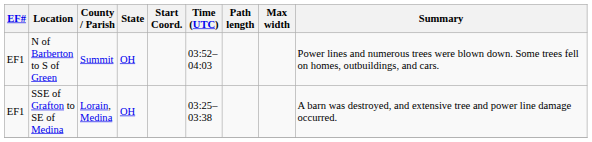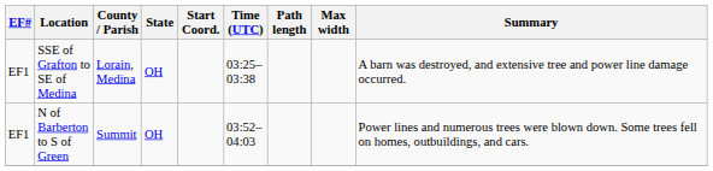 <table class="wikitable sortable" style="width:100%;">
 <tr>
 <th scope="col"  style="width:3%; text-align:center;"><a href='#'>EF#</a></th>
 <th scope="col"  style="width:7%; text-align:center;" class="unsortable">Location</th>
 <th scope="col"  style="width:6%; text-align:center;" class="unsortable">County / Parish</th>
 <th scope="col"  style="width:5%; text-align:center;">State</th>
 <th scope="col"  style="width:6%; text-align:center;">Start Coord.</th>
 <th scope="col"  style="width:6%; text-align:center;">Time (<a href='#'>UTC</a>)</th>
 <th scope="col"  style="width:6%; text-align:center;">Path length</th>
 <th scope="col"  style="width:6%; text-align:center;">Max width</th>
 <th scope="col" class="unsortable" style="width:48%; text-align:center;">Summary</th>
 </tr>
 <tr>
 <td>EF1</td>
+<td>SSE of <a href='#'>Grafton</a> to SE of <a href='#'>Medina</a></td>
+<td><a href='#'>Lorain</a>, <a href='#'>Medina</a></td>
+<td><a href='#'>OH</a></td>
+<td></td>
+<td>03:25–03:38</td>
+<td></td>
+<td></td>
+<td>A barn was destroyed, and extensive tree and power line damage occurred.</td>
+</tr>
+<tr>
+<td>EF1</td>
 <td>N of <a href='#'>Barberton</a> to S of <a href='#'>Green</a></td>
 <td><a href='#'>Summit</a></td>
 <td><a href='#'>OH</a></td>
 <td></td>
 <td>03:52–04:03</td>
 <td></td>
 <td></td>
 <td>Power lines and numerous trees were blown down. Some trees fell on homes, outbuildings, and cars.</td>
 </tr>
 <tr>
-<td>EF1</td>
-<td>SSE of <a href='#'>Grafton</a> to SE of <a href='#'>Medina</a></td>
-<td><a href='#'>Lorain</a>, <a href='#'>Medina</a></td>
-<td><a href='#'>OH</a></td>
-<td></td>
-<td>03:25–03:38</td>
-<td></td>
-<td></td>
-<td>A barn was destroyed, and extensive tree and power line damage occurred.</td>
-</tr>
-<tr>
 </tr>
 </table>
